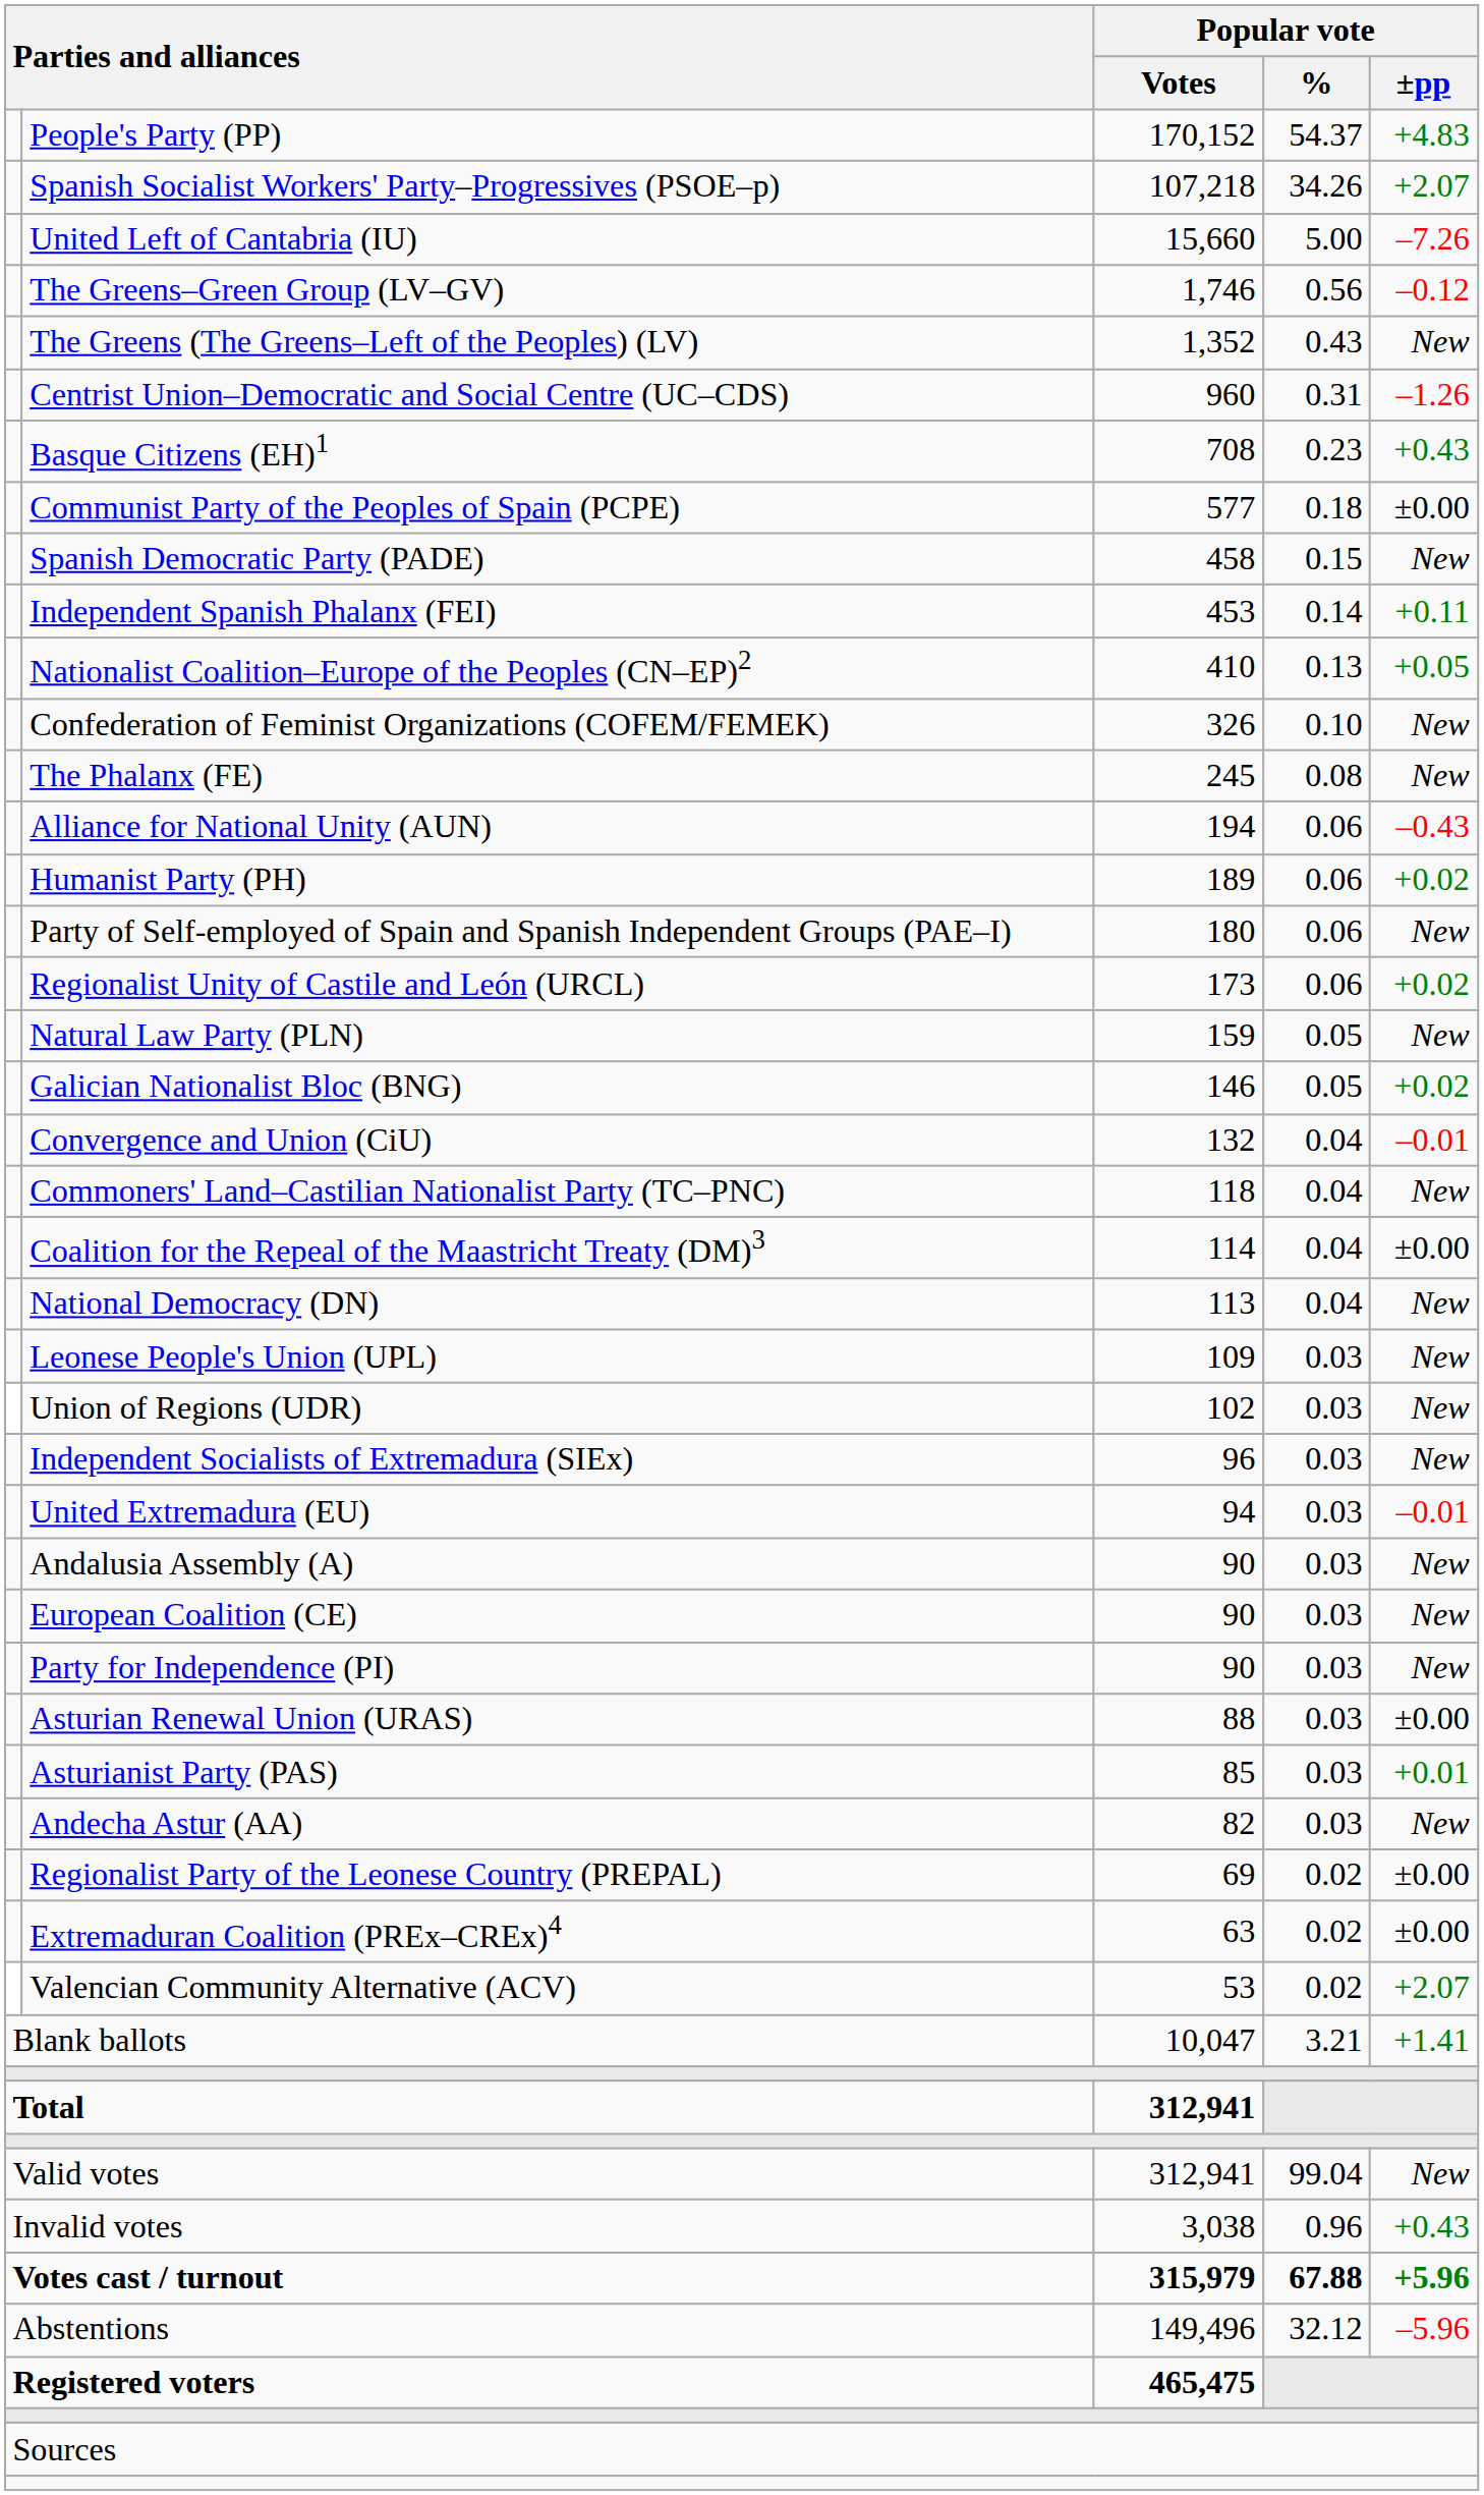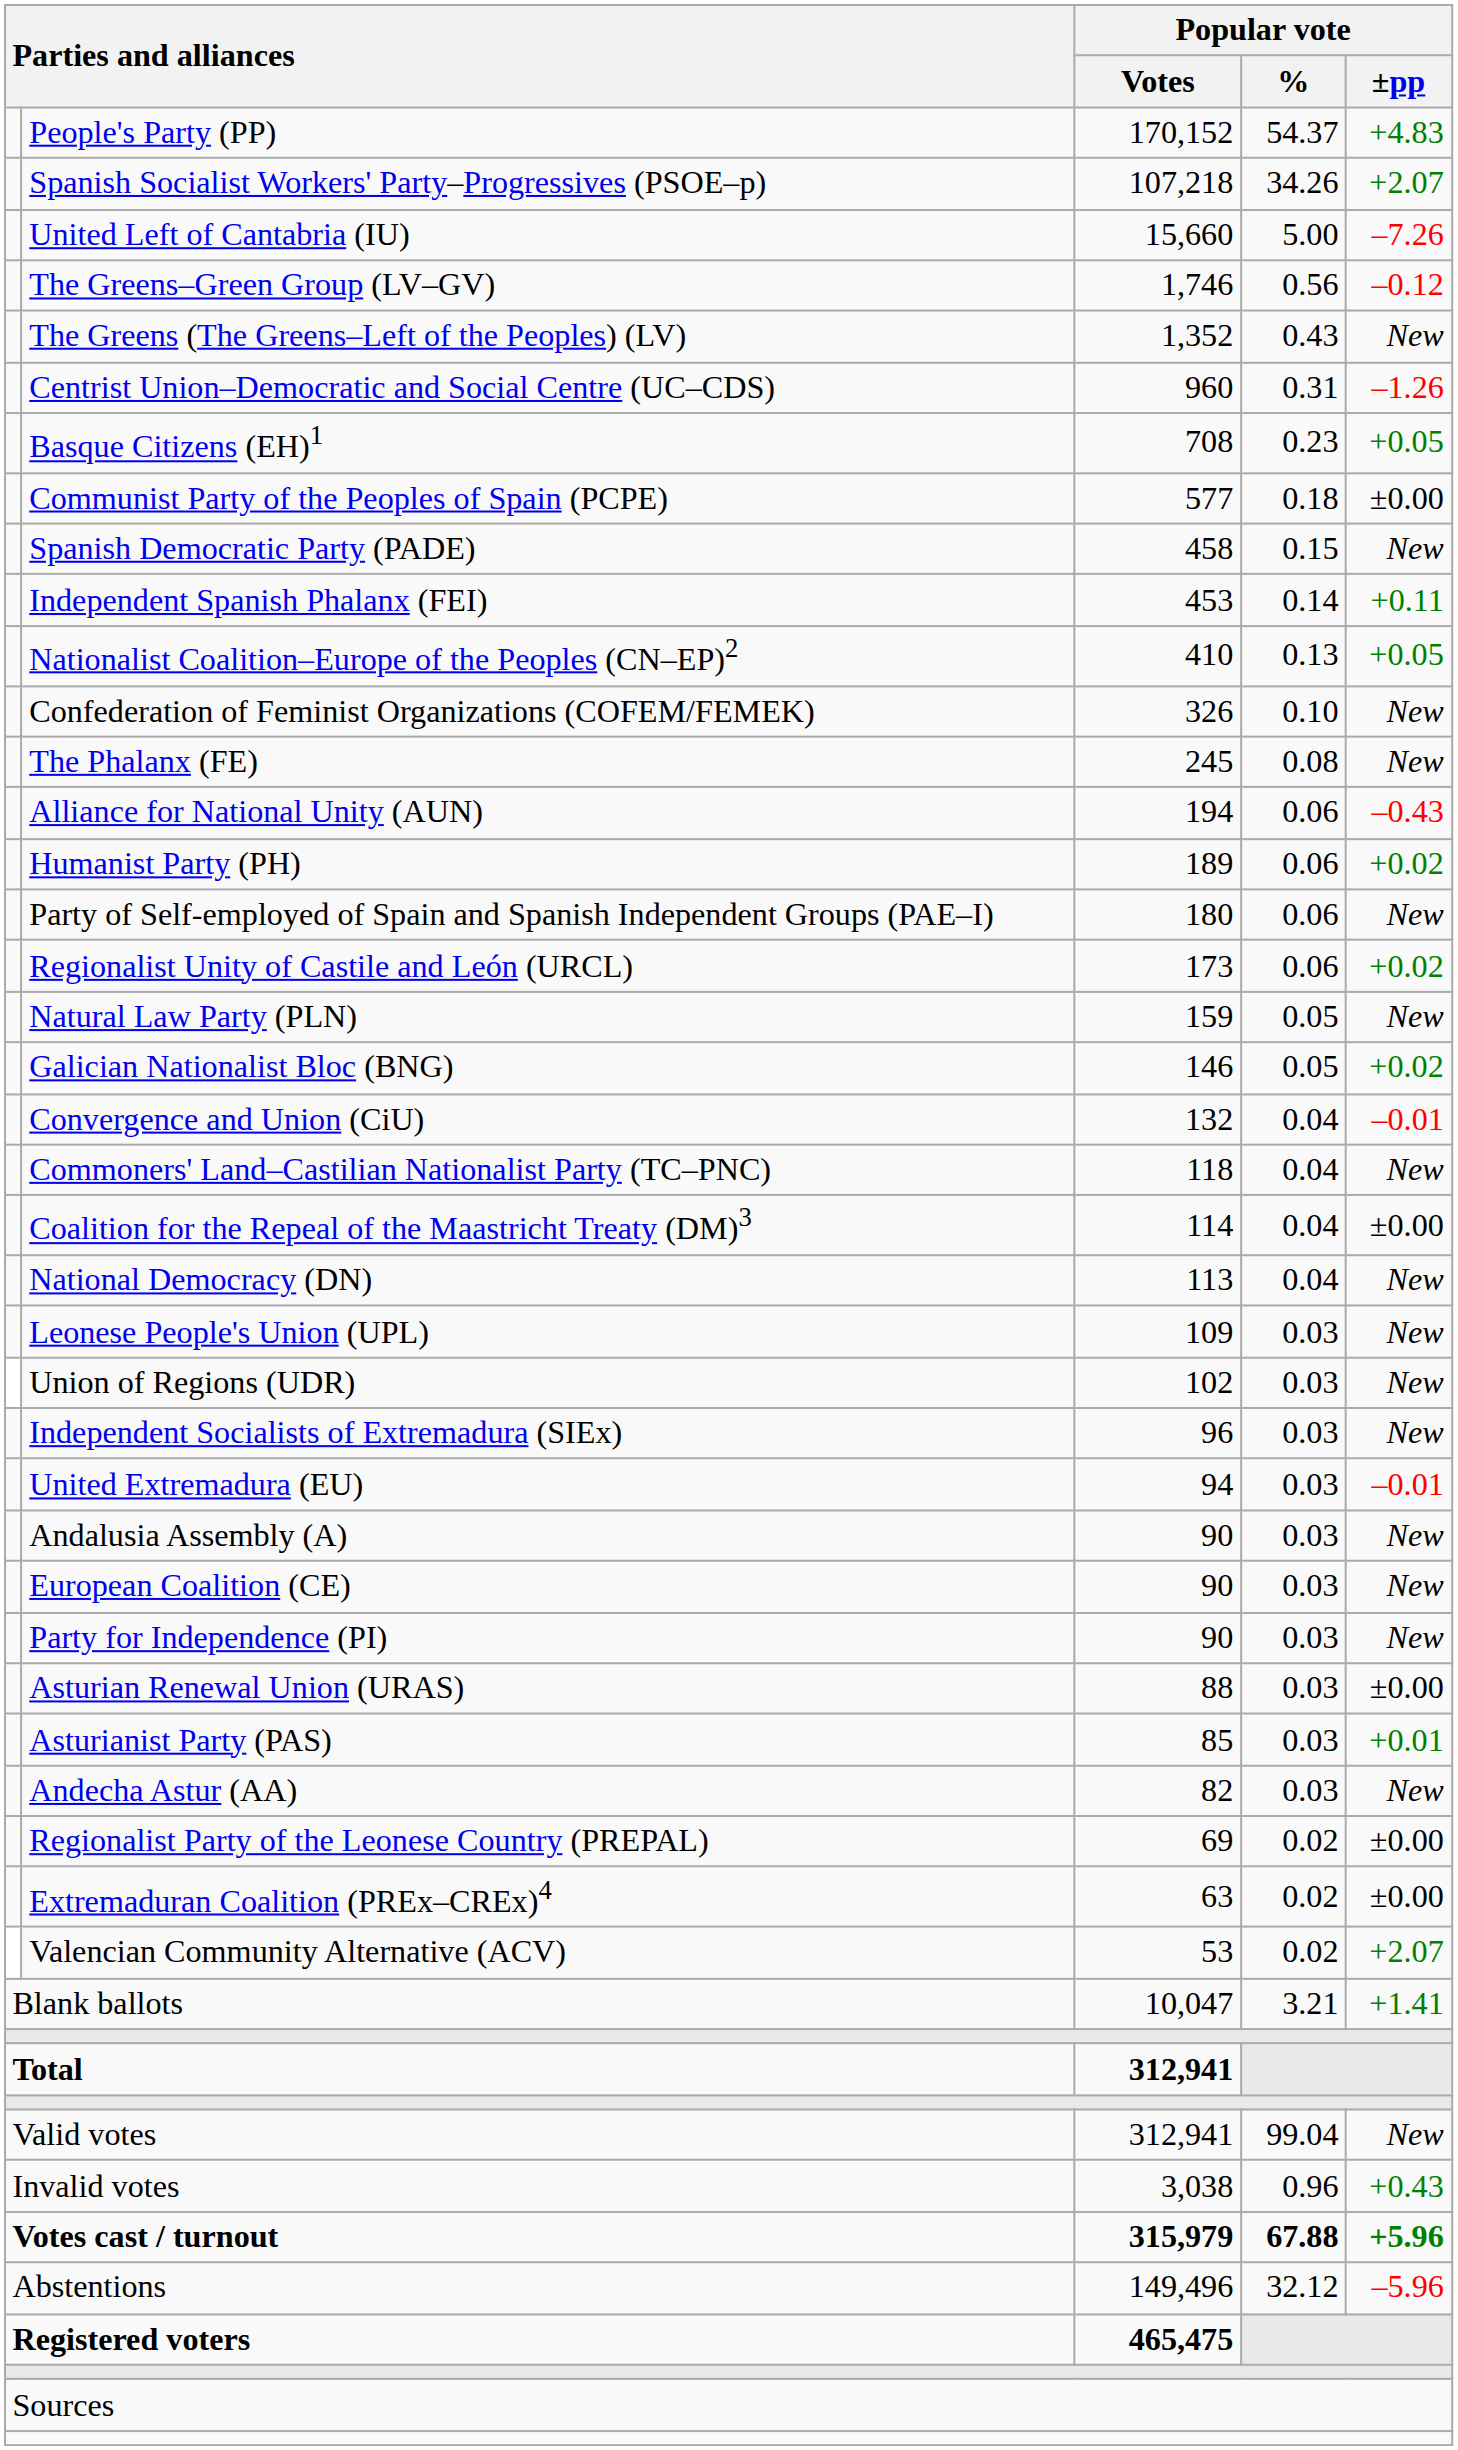 <table class="wikitable" style="text-align:right">
 <tr>
 <th style="text-align:left;" rowspan="2" colspan="2" width="525">Parties and alliances</th>
 <th colspan="3">Popular vote</th>
 </tr>
 <tr>
 <th width="75">Votes</th>
 <th width="45">%</th>
 <th width="45">±<a href='#'>pp</a></th>
 </tr>
 <tr>
 <td width="1" style="color:inherit;background:"></td>
 <td align="left"><a href='#'>People's Party</a> (PP)</td>
 <td>170,152</td>
 <td>54.37</td>
 <td style="color:green;">+4.83</td>
 </tr>
 <tr>
 <td style="color:inherit;background:"></td>
 <td align="left"><a href='#'>Spanish Socialist Workers' Party</a>–<a href='#'>Progressives</a> (PSOE–p)</td>
 <td>107,218</td>
 <td>34.26</td>
 <td style="color:green;">+2.07</td>
 </tr>
 <tr>
 <td style="color:inherit;background:"></td>
 <td align="left"><a href='#'>United Left of Cantabria</a> (IU)</td>
 <td>15,660</td>
 <td>5.00</td>
 <td style="color:red;">–7.26</td>
 </tr>
 <tr>
 <td style="color:inherit;background:"></td>
 <td align="left"><a href='#'>The Greens–Green Group</a> (LV–GV)</td>
 <td>1,746</td>
 <td>0.56</td>
 <td style="color:red;">–0.12</td>
 </tr>
 <tr>
 <td style="color:inherit;background:"></td>
 <td align="left"><a href='#'>The Greens</a> (<a href='#'>The Greens–Left of the Peoples</a>) (LV)</td>
 <td>1,352</td>
 <td>0.43</td>
 <td><em>New</em></td>
 </tr>
 <tr>
 <td style="color:inherit;background:"></td>
 <td align="left"><a href='#'>Centrist Union–Democratic and Social Centre</a> (UC–CDS)</td>
 <td>960</td>
 <td>0.31</td>
 <td style="color:red;">–1.26</td>
 </tr>
 <tr>
 <td style="color:inherit;background:"></td>
 <td align="left"><a href='#'>Basque Citizens</a> (EH)<sup>1</sup></td>
 <td>708</td>
 <td>0.23</td>
-<td style="color:green;">+0.43</td>
+<td style="color:green;">+0.05</td>
 </tr>
 <tr>
 <td style="color:inherit;background:"></td>
 <td align="left"><a href='#'>Communist Party of the Peoples of Spain</a> (PCPE)</td>
 <td>577</td>
 <td>0.18</td>
 <td>±0.00</td>
 </tr>
 <tr>
 <td style="color:inherit;background:"></td>
 <td align="left"><a href='#'>Spanish Democratic Party</a> (PADE)</td>
 <td>458</td>
 <td>0.15</td>
 <td><em>New</em></td>
 </tr>
 <tr>
 <td style="color:inherit;background:"></td>
 <td align="left"><a href='#'>Independent Spanish Phalanx</a> (FEI)</td>
 <td>453</td>
 <td>0.14</td>
 <td style="color:green;">+0.11</td>
 </tr>
 <tr>
 <td style="color:inherit;background:"></td>
 <td align="left"><a href='#'>Nationalist Coalition–Europe of the Peoples</a> (CN–EP)<sup>2</sup></td>
 <td>410</td>
 <td>0.13</td>
 <td style="color:green;">+0.05</td>
 </tr>
 <tr>
 <td style="color:inherit;background:"></td>
 <td align="left">Confederation of Feminist Organizations (COFEM/FEMEK)</td>
 <td>326</td>
 <td>0.10</td>
 <td><em>New</em></td>
 </tr>
 <tr>
 <td style="color:inherit;background:"></td>
 <td align="left"><a href='#'>The Phalanx</a> (FE)</td>
 <td>245</td>
 <td>0.08</td>
 <td><em>New</em></td>
 </tr>
 <tr>
 <td style="color:inherit;background:"></td>
 <td align="left"><a href='#'>Alliance for National Unity</a> (AUN)</td>
 <td>194</td>
 <td>0.06</td>
 <td style="color:red;">–0.43</td>
 </tr>
 <tr>
 <td style="color:inherit;background:"></td>
 <td align="left"><a href='#'>Humanist Party</a> (PH)</td>
 <td>189</td>
 <td>0.06</td>
 <td style="color:green;">+0.02</td>
 </tr>
 <tr>
 <td style="color:inherit;background:"></td>
 <td align="left">Party of Self-employed of Spain and Spanish Independent Groups (PAE–I)</td>
 <td>180</td>
 <td>0.06</td>
 <td><em>New</em></td>
 </tr>
 <tr>
 <td style="color:inherit;background:"></td>
 <td align="left"><a href='#'>Regionalist Unity of Castile and León</a> (URCL)</td>
 <td>173</td>
 <td>0.06</td>
 <td style="color:green;">+0.02</td>
 </tr>
 <tr>
 <td style="color:inherit;background:"></td>
 <td align="left"><a href='#'>Natural Law Party</a> (PLN)</td>
 <td>159</td>
 <td>0.05</td>
 <td><em>New</em></td>
 </tr>
 <tr>
 <td style="color:inherit;background:"></td>
 <td align="left"><a href='#'>Galician Nationalist Bloc</a> (BNG)</td>
 <td>146</td>
 <td>0.05</td>
 <td style="color:green;">+0.02</td>
 </tr>
 <tr>
 <td style="color:inherit;background:"></td>
 <td align="left"><a href='#'>Convergence and Union</a> (CiU)</td>
 <td>132</td>
 <td>0.04</td>
 <td style="color:red;">–0.01</td>
 </tr>
 <tr>
 <td style="color:inherit;background:"></td>
 <td align="left"><a href='#'>Commoners' Land–Castilian Nationalist Party</a> (TC–PNC)</td>
 <td>118</td>
 <td>0.04</td>
 <td><em>New</em></td>
 </tr>
 <tr>
 <td style="color:inherit;background:"></td>
 <td align="left"><a href='#'>Coalition for the Repeal of the Maastricht Treaty</a> (DM)<sup>3</sup></td>
 <td>114</td>
 <td>0.04</td>
 <td>±0.00</td>
 </tr>
 <tr>
 <td style="color:inherit;background:"></td>
 <td align="left"><a href='#'>National Democracy</a> (DN)</td>
 <td>113</td>
 <td>0.04</td>
 <td><em>New</em></td>
 </tr>
 <tr>
 <td style="color:inherit;background:"></td>
 <td align="left"><a href='#'>Leonese People's Union</a> (UPL)</td>
 <td>109</td>
 <td>0.03</td>
 <td><em>New</em></td>
 </tr>
 <tr>
 <td bgcolor="white"></td>
 <td align="left">Union of Regions (UDR)</td>
 <td>102</td>
 <td>0.03</td>
 <td><em>New</em></td>
 </tr>
 <tr>
 <td style="color:inherit;background:"></td>
 <td align="left"><a href='#'>Independent Socialists of Extremadura</a> (SIEx)</td>
 <td>96</td>
 <td>0.03</td>
 <td><em>New</em></td>
 </tr>
 <tr>
 <td style="color:inherit;background:"></td>
 <td align="left"><a href='#'>United Extremadura</a> (EU)</td>
 <td>94</td>
 <td>0.03</td>
 <td style="color:red;">–0.01</td>
 </tr>
 <tr>
 <td style="color:inherit;background:"></td>
 <td align="left">Andalusia Assembly (A)</td>
 <td>90</td>
 <td>0.03</td>
 <td><em>New</em></td>
 </tr>
 <tr>
 <td style="color:inherit;background:"></td>
 <td align="left"><a href='#'>European Coalition</a> (CE)</td>
 <td>90</td>
 <td>0.03</td>
 <td><em>New</em></td>
 </tr>
 <tr>
 <td style="color:inherit;background:"></td>
 <td align="left"><a href='#'>Party for Independence</a> (PI)</td>
 <td>90</td>
 <td>0.03</td>
 <td><em>New</em></td>
 </tr>
 <tr>
 <td style="color:inherit;background:"></td>
 <td align="left"><a href='#'>Asturian Renewal Union</a> (URAS)</td>
 <td>88</td>
 <td>0.03</td>
 <td>±0.00</td>
 </tr>
 <tr>
 <td style="color:inherit;background:"></td>
 <td align="left"><a href='#'>Asturianist Party</a> (PAS)</td>
 <td>85</td>
 <td>0.03</td>
 <td style="color:green;">+0.01</td>
 </tr>
 <tr>
 <td style="color:inherit;background:"></td>
 <td align="left"><a href='#'>Andecha Astur</a> (AA)</td>
 <td>82</td>
 <td>0.03</td>
 <td><em>New</em></td>
 </tr>
 <tr>
 <td style="color:inherit;background:"></td>
 <td align="left"><a href='#'>Regionalist Party of the Leonese Country</a> (PREPAL)</td>
 <td>69</td>
 <td>0.02</td>
 <td>±0.00</td>
 </tr>
 <tr>
 <td style="color:inherit;background:"></td>
 <td align="left"><a href='#'>Extremaduran Coalition</a> (PREx–CREx)<sup>4</sup></td>
 <td>63</td>
 <td>0.02</td>
 <td>±0.00</td>
 </tr>
 <tr>
 <td bgcolor="white"></td>
 <td align="left">Valencian Community Alternative (ACV)</td>
 <td>53</td>
 <td>0.02</td>
 <td style="color:green;">+2.07</td>
 </tr>
 <tr>
 <td align="left" colspan="2">Blank ballots</td>
 <td>10,047</td>
 <td>3.21</td>
 <td style="color:green;">+1.41</td>
 </tr>
 <tr>
 <td colspan="5" bgcolor="#E9E9E9"></td>
 </tr>
 <tr style="font-weight:bold;">
 <td align="left" colspan="2">Total</td>
 <td>312,941</td>
 <td bgcolor="#E9E9E9" colspan="2"></td>
 </tr>
 <tr>
 <td colspan="5" bgcolor="#E9E9E9"></td>
 </tr>
 <tr>
 <td align="left" colspan="2">Valid votes</td>
 <td>312,941</td>
 <td>99.04</td>
 <td><em>New</em></td>
 </tr>
 <tr>
 <td align="left" colspan="2">Invalid votes</td>
 <td>3,038</td>
 <td>0.96</td>
 <td style="color:green;">+0.43</td>
 </tr>
 <tr style="font-weight:bold;">
 <td align="left" colspan="2">Votes cast / turnout</td>
 <td>315,979</td>
 <td>67.88</td>
 <td style="color:green;">+5.96</td>
 </tr>
 <tr>
 <td align="left" colspan="2">Abstentions</td>
 <td>149,496</td>
 <td>32.12</td>
 <td style="color:red;">–5.96</td>
 </tr>
 <tr style="font-weight:bold;">
 <td align="left" colspan="2">Registered voters</td>
 <td>465,475</td>
 <td bgcolor="#E9E9E9" colspan="2"></td>
 </tr>
 <tr>
 <td colspan="5" bgcolor="#E9E9E9"></td>
 </tr>
 <tr>
 <td align="left" colspan="5">Sources</td>
 </tr>
 <tr>
 <td colspan="5" style="text-align:left; max-width:680px;"></td>
 </tr>
 </table>
